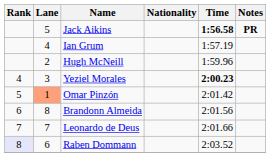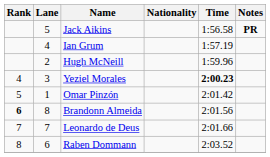 <table class="wikitable sortable" style="text-align:center">
 <tr>
 <th>Rank</th>
 <th>Lane</th>
 <th>Name</th>
 <th>Nationality</th>
 <th>Time</th>
 <th>Notes</th>
 </tr>
 <tr>
 <td></td>
 <td>5</td>
 <td align="left"><a href='#'>Jack Aikins</a></td>
 <td align="left"></td>
-<td><strong>1:56.58</strong></td>
+<td>1:56.58</td>
 <td><strong>PR</strong></td>
 </tr>
 <tr>
 <td></td>
 <td>4</td>
 <td align="left"><a href='#'>Ian Grum</a></td>
 <td align="left"></td>
 <td>1:57.19</td>
 <td></td>
 </tr>
 <tr>
 <td></td>
 <td>2</td>
 <td align="left"><a href='#'>Hugh McNeill</a></td>
 <td align="left"></td>
 <td>1:59.96</td>
 <td></td>
 </tr>
 <tr>
 <td>4</td>
 <td>3</td>
 <td align="left"><a href='#'>Yeziel Morales</a></td>
 <td align="left"></td>
 <td><strong>2:00.23</strong></td>
 <td></td>
 </tr>
 <tr>
 <td>5</td>
-<td style="background: lightsalmon;">1</td>
+<td>1</td>
 <td align="left"><a href='#'>Omar Pinzón</a></td>
 <td align="left"></td>
 <td>2:01.42</td>
 <td></td>
 </tr>
 <tr>
-<td>6</td>
+<td><strong>6</strong></td>
 <td>8</td>
 <td align="left"><a href='#'>Brandonn Almeida</a></td>
 <td align="left"></td>
 <td>2:01.56</td>
 <td></td>
 </tr>
 <tr>
 <td>7</td>
 <td>7</td>
 <td align="left"><a href='#'>Leonardo de Deus</a></td>
 <td align="left"></td>
 <td>2:01.66</td>
 <td></td>
 </tr>
 <tr>
-<td style="background: lavender;">8</td>
+<td>8</td>
 <td>6</td>
 <td align="left"><a href='#'>Raben Dommann</a></td>
 <td align="left"></td>
 <td>2:03.52</td>
 <td></td>
 </tr>
 <tr>
 </tr>
 </table>
